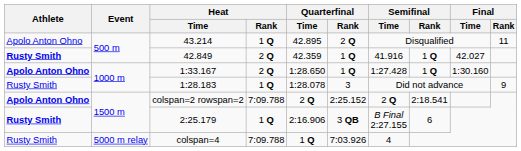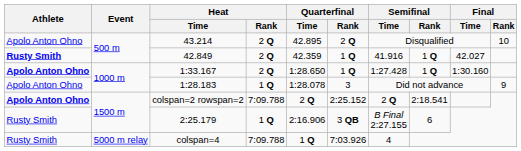 <table class=wikitable style=font-size:90%;text-align:center>
 <tr>
 <th rowspan=2>Athlete</th>
 <th rowspan=2>Event</th>
 <th colspan=2>Heat</th>
 <th colspan=2>Quarterfinal</th>
 <th colspan=2>Semifinal</th>
 <th colspan=2>Final</th>
 </tr>
 <tr style=font-size:95%>
 <th>Time</th>
 <th>Rank</th>
 <th>Time</th>
 <th>Rank</th>
 <th>Time</th>
 <th>Rank</th>
 <th>Time</th>
 <th>Rank</th>
 </tr>
 <tr>
 <td align=left><a href='#'>Apolo Anton Ohno</a></td>
 <td align=left rowspan=2><a href='#'>500 m</a></td>
 <td>43.214</td>
-<td>1 <strong>Q</strong></td>
+<td>2 <strong>Q</strong></td>
 <td>42.895</td>
 <td>2 <strong>Q</strong></td>
 <td colspan=3>Disqualified</td>
-<td>11</td>
+<td>10</td>
 </tr>
 <tr>
 <td align=left><strong><a href='#'>Rusty Smith</a></strong></td>
 <td>42.849</td>
 <td>2 <strong>Q</strong></td>
 <td>42.359</td>
 <td>1 <strong>Q</strong></td>
 <td>41.916</td>
 <td>1 <strong>Q</strong></td>
 <td>42.027</td>
 <td></td>
 </tr>
 <tr>
 <td align=left><strong><a href='#'>Apolo Anton Ohno</a></strong></td>
 <td align=left rowspan=2><a href='#'>1000 m</a></td>
 <td>1:33.167</td>
 <td>2 <strong>Q</strong></td>
 <td>1:28.650</td>
 <td>1 <strong>Q</strong></td>
 <td>1:27.428</td>
 <td>1 <strong>Q</strong></td>
 <td>1:30.160</td>
 <td></td>
 </tr>
 <tr>
-<td align=left><a href='#'>Rusty Smith</a></td>
+<td align=left><a href='#'>Apolo Anton Ohno</a></td>
 <td>1:28.183 </td>
 <td>1 <strong>Q</strong></td>
 <td>1:28.078</td>
 <td>3</td>
 <td colspan=3>Did not advance</td>
 <td>9</td>
 </tr>
 <tr>
 <td align=left><strong><a href='#'>Apolo Anton Ohno</a></strong></td>
 <td align=left rowspan=2><a href='#'>1500 m</a></td>
 <td>colspan=2 rowspan=2 </td>
 <td>7:09.788</td>
 <td>2 <strong>Q</strong></td>
 <td>2:25.152</td>
 <td>2 <strong>Q</strong></td>
 <td>2:18.541</td>
 <td></td>
 </tr>
 <tr>
-<td align=left><strong><a href='#'>Rusty Smith</a></strong></td>
+<td align=left><a href='#'>Rusty Smith</a></td>
 <td>2:25.179</td>
 <td>1 <strong>Q</strong></td>
 <td>2:16.906</td>
 <td>3 <strong>QB</strong></td>
 <td><em>B Final</em><br>2:27.155</td>
 <td>6</td>
 </tr>
 <tr>
 <td align=left><a href='#'>Rusty Smith</a></td>
 <td align=left><a href='#'>5000 m relay</a></td>
 <td>colspan=4 </td>
 <td>7:09.788</td>
 <td>1 <strong>Q</strong></td>
 <td>7:03.926</td>
 <td>4</td>
 </tr>
 </table>
